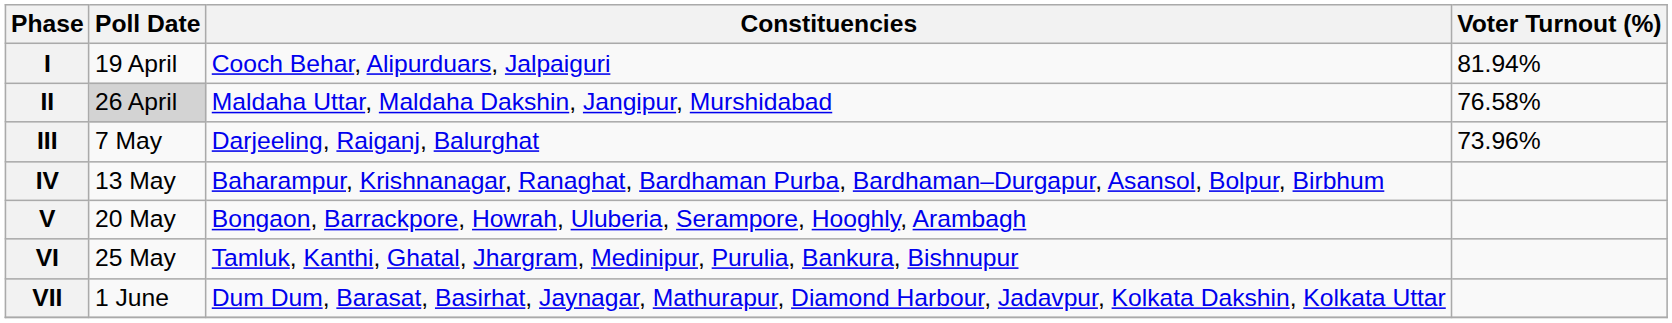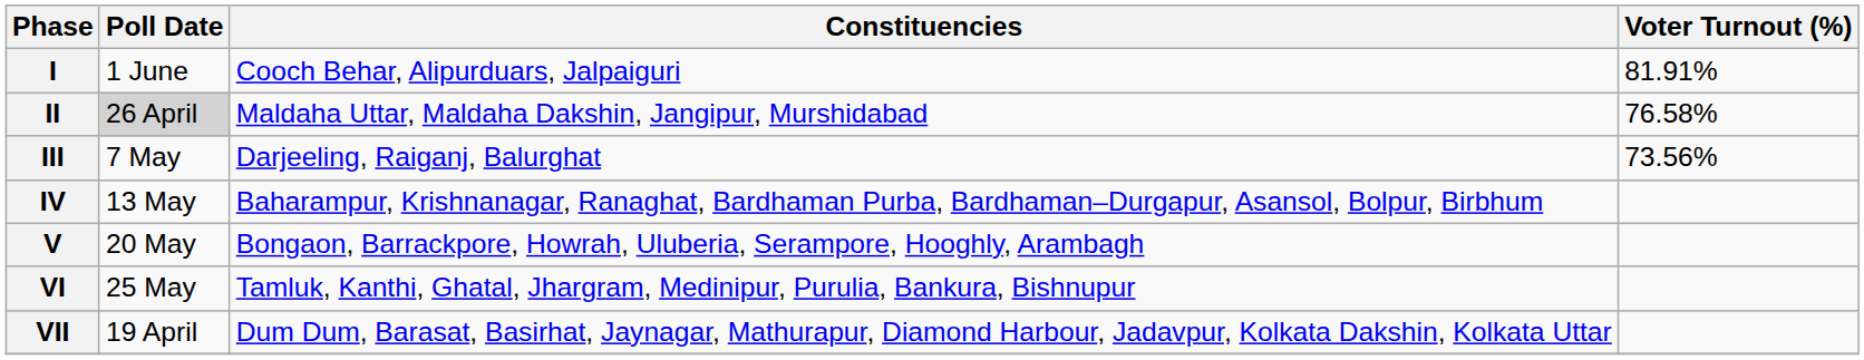 <table class="wikitable" style="margin:auto;;">
 <tr>
 <th>Phase</th>
 <th>Poll Date</th>
 <th>Constituencies</th>
 <th>Voter Turnout (%)</th>
 </tr>
 <tr>
 <th>I</th>
-<td>19 April</td>
+<td>1 June</td>
 <td><a href='#'>Cooch Behar</a>, <a href='#'>Alipurduars</a>, <a href='#'>Jalpaiguri</a></td>
-<td>81.94%</td>
+<td>81.91%</td>
 </tr>
 <tr>
 <th>II</th>
 <td style="background: lightgrey;">26 April</td>
 <td><a href='#'>Maldaha Uttar</a>, <a href='#'>Maldaha Dakshin</a>, <a href='#'>Jangipur</a>, <a href='#'>Murshidabad</a></td>
 <td>76.58%</td>
 </tr>
 <tr>
 <th>III</th>
 <td>7 May</td>
 <td><a href='#'>Darjeeling</a>, <a href='#'>Raiganj</a>, <a href='#'>Balurghat</a></td>
-<td>73.96%</td>
+<td>73.56%</td>
 </tr>
 <tr>
 <th>IV</th>
 <td>13 May</td>
 <td><a href='#'>Baharampur</a>, <a href='#'>Krishnanagar</a>, <a href='#'>Ranaghat</a>, <a href='#'>Bardhaman Purba</a>, <a href='#'>Bardhaman–Durgapur</a>, <a href='#'>Asansol</a>, <a href='#'>Bolpur</a>, <a href='#'>Birbhum</a></td>
 <td></td>
 </tr>
 <tr>
 <th>V</th>
 <td>20 May</td>
 <td><a href='#'>Bongaon</a>, <a href='#'>Barrackpore</a>, <a href='#'>Howrah</a>, <a href='#'>Uluberia</a>, <a href='#'>Serampore</a>, <a href='#'>Hooghly</a>, <a href='#'>Arambagh</a></td>
 <td></td>
 </tr>
 <tr>
 <th>VI</th>
 <td>25 May</td>
 <td><a href='#'>Tamluk</a>, <a href='#'>Kanthi</a>, <a href='#'>Ghatal</a>, <a href='#'>Jhargram</a>, <a href='#'>Medinipur</a>, <a href='#'>Purulia</a>, <a href='#'>Bankura</a>, <a href='#'>Bishnupur</a></td>
 <td></td>
 </tr>
 <tr>
 <th>VII</th>
-<td>1 June</td>
+<td>19 April</td>
 <td><a href='#'>Dum Dum</a>, <a href='#'>Barasat</a>, <a href='#'>Basirhat</a>, <a href='#'>Jaynagar</a>, <a href='#'>Mathurapur</a>, <a href='#'>Diamond Harbour</a>, <a href='#'>Jadavpur</a>, <a href='#'>Kolkata Dakshin</a>, <a href='#'>Kolkata Uttar</a></td>
 <td></td>
 </tr>
 <tr>
 </tr>
 </table>
